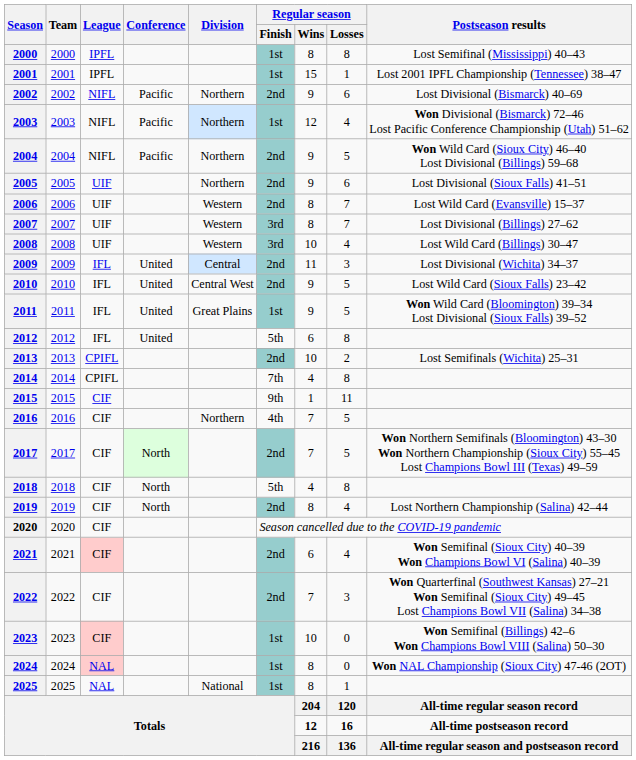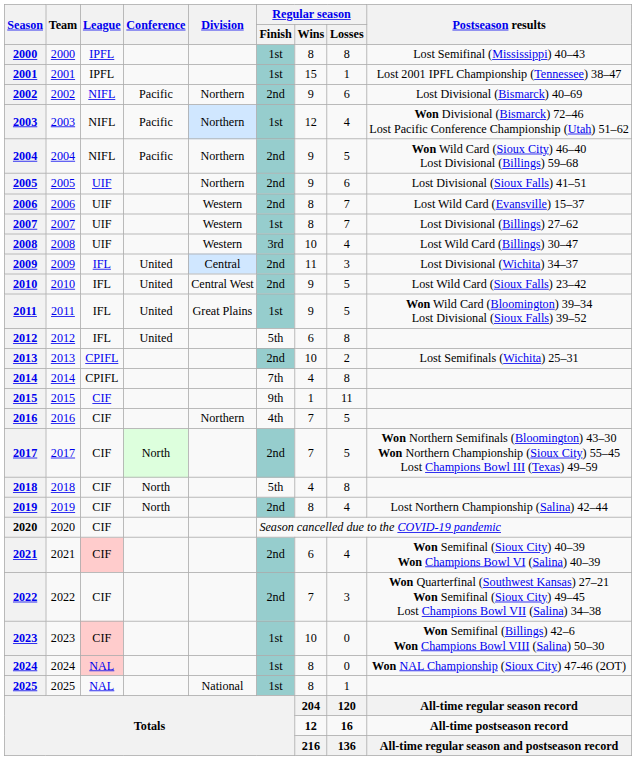 <table class="wikitable" style="text-align:center; font-size: 95%;">
 <tr>
 <th rowspan="2"><a href='#'>Season</a></th>
 <th rowspan="2">Team</th>
 <th rowspan="2"><a href='#'>League</a></th>
 <th rowspan="2"><a href='#'>Conference</a></th>
 <th rowspan="2"><a href='#'>Division</a></th>
 <th colspan="3"><a href='#'>Regular season</a></th>
 <th rowspan="2"><a href='#'>Postseason</a> results</th>
 </tr>
 <tr>
 <th>Finish</th>
 <th>Wins</th>
 <th>Losses</th>
 </tr>
 <tr>
 <th><a href='#'>2000</a></th>
 <td><a href='#'>2000</a></td>
 <td><a href='#'>IPFL</a></td>
 <td></td>
 <td></td>
 <td bgcolor=#96cdcd>1st</td>
 <td>8</td>
 <td>8</td>
 <td>Lost Semifinal (<a href='#'>Mississippi</a>) 40–43</td>
 </tr>
 <tr>
 <th><a href='#'>2001</a></th>
 <td><a href='#'>2001</a></td>
 <td>IPFL</td>
 <td></td>
 <td></td>
 <td bgcolor=#96cdcd>1st</td>
 <td>15</td>
 <td>1</td>
 <td>Lost 2001 IPFL Championship (<a href='#'>Tennessee</a>) 38–47</td>
 </tr>
 <tr>
 <th><a href='#'>2002</a></th>
 <td><a href='#'>2002</a></td>
 <td><a href='#'>NIFL</a></td>
 <td>Pacific</td>
 <td>Northern</td>
 <td bgcolor=#96cdcd>2nd</td>
 <td>9</td>
 <td>6</td>
 <td>Lost Divisional (<a href='#'>Bismarck</a>) 40–69</td>
 </tr>
 <tr>
 <th><a href='#'>2003</a></th>
 <td><a href='#'>2003</a></td>
 <td>NIFL</td>
 <td>Pacific</td>
 <td bgcolor=#d0e7ff>Northern</td>
 <td bgcolor=#96cdcd>1st</td>
 <td>12</td>
 <td>4</td>
 <td><strong>Won</strong> Divisional (<a href='#'>Bismarck</a>) 72–46<br>Lost Pacific Conference Championship (<a href='#'>Utah</a>) 51–62</td>
 </tr>
 <tr>
 <th><a href='#'>2004</a></th>
 <td><a href='#'>2004</a></td>
 <td>NIFL</td>
 <td>Pacific</td>
 <td>Northern</td>
 <td bgcolor=#96cdcd>2nd</td>
 <td>9</td>
 <td>5</td>
 <td><strong>Won</strong> Wild Card (<a href='#'>Sioux City</a>) 46–40<br>Lost Divisional (<a href='#'>Billings</a>) 59–68</td>
 </tr>
 <tr>
 <th><a href='#'>2005</a></th>
 <td><a href='#'>2005</a></td>
 <td><a href='#'>UIF</a></td>
 <td></td>
 <td>Northern</td>
 <td bgcolor=#96cdcd>2nd</td>
 <td>9</td>
 <td>6</td>
 <td>Lost Divisional (<a href='#'>Sioux Falls</a>) 41–51</td>
 </tr>
 <tr>
 <th><a href='#'>2006</a></th>
 <td><a href='#'>2006</a></td>
 <td>UIF</td>
 <td></td>
 <td>Western</td>
 <td bgcolor=#96cdcd>2nd</td>
 <td>8</td>
 <td>7</td>
 <td>Lost Wild Card (<a href='#'>Evansville</a>) 15–37</td>
 </tr>
 <tr>
 <th><a href='#'>2007</a></th>
 <td><a href='#'>2007</a></td>
 <td>UIF</td>
 <td></td>
 <td>Western</td>
-<td bgcolor=#96cdcd>3rd</td>
+<td bgcolor=#96cdcd>1st</td>
 <td>8</td>
 <td>7</td>
 <td>Lost Divisional (<a href='#'>Billings</a>) 27–62</td>
 </tr>
 <tr>
 <th><a href='#'>2008</a></th>
 <td><a href='#'>2008</a></td>
 <td>UIF</td>
 <td></td>
 <td>Western</td>
 <td bgcolor=#96cdcd>3rd</td>
 <td>10</td>
 <td>4</td>
 <td>Lost Wild Card (<a href='#'>Billings</a>) 30–47</td>
 </tr>
 <tr>
 <th><a href='#'>2009</a></th>
 <td><a href='#'>2009</a></td>
 <td><a href='#'>IFL</a></td>
 <td>United</td>
 <td bgcolor=#d0e7ff>Central</td>
 <td bgcolor=#96cdcd>2nd</td>
 <td>11</td>
 <td>3</td>
 <td>Lost Divisional (<a href='#'>Wichita</a>) 34–37</td>
 </tr>
 <tr>
 <th><a href='#'>2010</a></th>
 <td><a href='#'>2010</a></td>
 <td>IFL</td>
 <td>United</td>
 <td>Central West</td>
 <td bgcolor=#96cdcd>2nd</td>
 <td>9</td>
 <td>5</td>
 <td>Lost Wild Card (<a href='#'>Sioux Falls</a>) 23–42</td>
 </tr>
 <tr>
 <th><a href='#'>2011</a></th>
 <td><a href='#'>2011</a></td>
 <td>IFL</td>
 <td>United</td>
 <td>Great Plains</td>
 <td bgcolor=#96cdcd>1st</td>
 <td>9</td>
 <td>5</td>
 <td><strong>Won</strong> Wild Card (<a href='#'>Bloomington</a>) 39–34<br>Lost Divisional (<a href='#'>Sioux Falls</a>) 39–52</td>
 </tr>
 <tr>
 <th><a href='#'>2012</a></th>
 <td><a href='#'>2012</a></td>
 <td>IFL</td>
 <td>United</td>
 <td></td>
 <td>5th</td>
 <td>6</td>
 <td>8</td>
 <td></td>
 </tr>
 <tr>
 <th><a href='#'>2013</a></th>
 <td><a href='#'>2013</a></td>
 <td><a href='#'>CPIFL</a></td>
 <td></td>
 <td></td>
 <td bgcolor=#96cdcd>2nd</td>
 <td>10</td>
 <td>2</td>
 <td>Lost Semifinals (<a href='#'>Wichita</a>) 25–31</td>
 </tr>
 <tr>
 <th><a href='#'>2014</a></th>
 <td><a href='#'>2014</a></td>
 <td>CPIFL</td>
 <td></td>
 <td></td>
 <td>7th</td>
 <td>4</td>
 <td>8</td>
 <td></td>
 </tr>
 <tr>
 <th><a href='#'>2015</a></th>
 <td><a href='#'>2015</a></td>
 <td><a href='#'>CIF</a></td>
 <td></td>
 <td></td>
 <td>9th</td>
 <td>1</td>
 <td>11</td>
 <td></td>
 </tr>
 <tr>
 <th><a href='#'>2016</a></th>
 <td><a href='#'>2016</a></td>
 <td>CIF</td>
 <td></td>
 <td>Northern</td>
 <td>4th</td>
 <td>7</td>
 <td>5</td>
 <td></td>
 </tr>
 <tr>
 <th><a href='#'>2017</a></th>
 <td><a href='#'>2017</a></td>
 <td>CIF</td>
 <td bgcolor=#dfd>North</td>
 <td></td>
 <td bgcolor=#96cdcd>2nd</td>
 <td>7</td>
 <td>5</td>
 <td><strong>Won</strong> Northern Semifinals (<a href='#'>Bloomington</a>) 43–30<br><strong>Won</strong> Northern Championship (<a href='#'>Sioux City</a>) 55–45<br>Lost <a href='#'>Champions Bowl III</a> (<a href='#'>Texas</a>) 49–59</td>
 </tr>
 <tr>
 <th><a href='#'>2018</a></th>
 <td><a href='#'>2018</a></td>
 <td>CIF</td>
 <td>North</td>
 <td></td>
 <td>5th</td>
 <td>4</td>
 <td>8</td>
 <td></td>
 </tr>
 <tr>
 <th><a href='#'>2019</a></th>
 <td><a href='#'>2019</a></td>
 <td>CIF</td>
 <td>North</td>
 <td></td>
 <td bgcolor=#96cdcd>2nd</td>
 <td>8</td>
 <td>4</td>
 <td>Lost Northern Championship (<a href='#'>Salina</a>) 42–44</td>
 </tr>
 <tr>
 <th>2020</th>
 <td>2020</td>
 <td>CIF</td>
 <td></td>
 <td></td>
 <td style="text-align:left" colspan=4 style="text-align:center"><em>Season cancelled due to the <a href='#'>COVID-19 pandemic</a></em></td>
 </tr>
 <tr>
 <th><a href='#'>2021</a></th>
 <td>2021</td>
 <td bgcolor=#fcc>CIF</td>
 <td></td>
 <td></td>
 <td bgcolor=#96cdcd>2nd</td>
 <td>6</td>
 <td>4</td>
 <td><strong>Won</strong> Semifinal (<a href='#'>Sioux City</a>) 40–39<br><strong>Won</strong> <a href='#'>Champions Bowl VI</a> (<a href='#'>Salina</a>) 40–39</td>
 </tr>
 <tr>
 <th><a href='#'>2022</a></th>
 <td>2022</td>
 <td>CIF</td>
 <td></td>
 <td></td>
 <td bgcolor=#96cdcd>2nd</td>
 <td>7</td>
 <td>3</td>
 <td><strong>Won</strong> Quarterfinal (<a href='#'>Southwest Kansas</a>) 27–21<br><strong>Won</strong> Semifinal (<a href='#'>Sioux City</a>) 49–45<br>Lost <a href='#'>Champions Bowl VII</a> (<a href='#'>Salina</a>) 34–38</td>
 </tr>
 <tr>
 <th><a href='#'>2023</a></th>
 <td>2023</td>
 <td bgcolor=#fcc>CIF</td>
 <td></td>
 <td></td>
 <td bgcolor=#96cdcd>1st</td>
 <td>10</td>
 <td>0</td>
 <td><strong>Won</strong> Semifinal (<a href='#'>Billings</a>) 42–6<br><strong>Won</strong> <a href='#'>Champions Bowl VIII</a> (<a href='#'>Salina</a>) 50–30</td>
 </tr>
 <tr>
 <th><a href='#'>2024</a></th>
 <td>2024</td>
 <td bgcolor=#fcc><a href='#'>NAL</a></td>
 <td></td>
 <td></td>
 <td bgcolor=#96cdcd>1st</td>
 <td>8</td>
 <td>0</td>
 <td><strong>Won</strong> <a href='#'> NAL Championship</a> (<a href='#'>Sioux City</a>) 47-46 (2OT)</td>
 </tr>
 <tr>
 <th><a href='#'>2025</a></th>
 <td>2025</td>
 <td><a href='#'>NAL</a></td>
 <td></td>
 <td>National</td>
 <td bgcolor=#96cdcd>1st</td>
 <td>8</td>
 <td>1</td>
 <td></td>
 </tr>
 <tr>
 <th rowspan="3" colspan="6">Totals</th>
 <th>204</th>
 <th>120</th>
 <th colspan="3">All-time regular season record</th>
 </tr>
 <tr>
 <td><strong>12</strong></td>
 <td><strong>16</strong></td>
 <td colspan="3"><strong>All-time postseason record</strong></td>
 </tr>
 <tr>
 <th>216</th>
 <th>136</th>
 <th colspan="3">All-time regular season and postseason record</th>
 </tr>
 </table>
